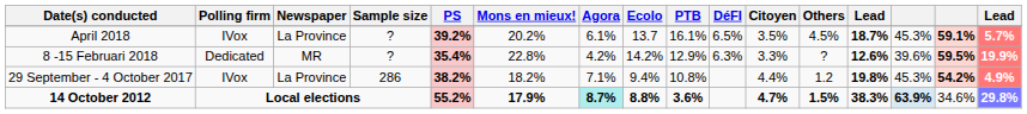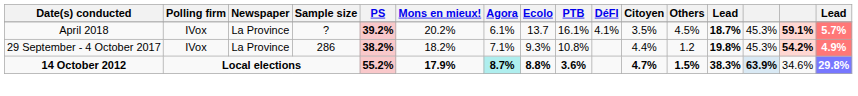 <table class="wikitable sortable" style="text-align:center; font-size:90%; line-height:16px;">
 <tr style="background-color:#E9E9E9">
 <th rowspan="1">Date(s) conducted</th>
 <th rowspan="1">Polling firm</th>
 <th rowspan="1">Newspaper</th>
 <th rowspan="1">Sample size</th>
 <th><a href='#'><span>PS</span></a></th>
 <th><a href='#'><span>Mons en mieux!</span></a></th>
 <th><a href='#'><span>Agora</span></a></th>
 <th><a href='#'><span>Ecolo</span></a></th>
 <th><a href='#'><span>PTB</span></a></th>
 <th><a href='#'><span>DéFI</span></a></th>
 <th rowspan="1">Citoyen</th>
 <th rowspan="1">Others</th>
 <th rowspan="1">Lead</th>
 <th></th>
 <th></th>
 <th rowspan="1">Lead</th>
 </tr>
 <tr style="background:#EFEFEF; font-weight:bold;">
 </tr>
 <tr>
 <td>April 2018</td>
 <td>IVox</td>
 <td>La Province </td>
 <td>?</td>
 <td style="background:#F9C8CA"><strong>39.2%</strong></td>
 <td>20.2%</td>
 <td>6.1%</td>
 <td>13.7</td>
 <td>16.1%</td>
-<td>6.5%</td>
+<td>4.1%</td>
 <td>3.5%</td>
 <td>4.5%</td>
 <td style="background:"><strong>18.7%</strong></td>
 <td>45.3%</td>
 <td style="background:#FFD7D2"><strong>59.1%</strong></td>
 <td style="background:#FF7777;color:white;"><strong>5.7%</strong></td>
-</tr>
-<tr>
-<td>8 -15 Februari 2018</td>
-<td>Dedicated</td>
-<td>MR </td>
-<td>?</td>
-<td style="background:#F9C8CA"><strong>35.4%</strong></td>
-<td>22.8%</td>
-<td>4.2%</td>
-<td>14.2%</td>
-<td>12.9%</td>
-<td>6.3%</td>
-<td>3.3%</td>
-<td>?</td>
-<td style="background:"><strong>12.6%</strong></td>
-<td>39.6%</td>
-<td style="background:#FFD7D2"><strong>59.5%</strong></td>
-<td style="background:#FF7777;color:white;"><strong>19.9%</strong></td>
 </tr>
 <tr>
 <td>29 September - 4 October 2017</td>
 <td>IVox</td>
 <td>La Province </td>
 <td>286</td>
 <td style="background:#F9C8CA"><strong>38.2%</strong></td>
 <td>18.2%</td>
 <td>7.1%</td>
-<td>9.4%</td>
+<td>9.3%</td>
 <td>10.8%</td>
 <td></td>
 <td>4.4%</td>
 <td>1.2</td>
 <td style="background:"><strong>19.8%</strong></td>
 <td>45.3%</td>
 <td style="background:#FFD7D2"><strong>54.2%</strong></td>
 <td style="background:#FF7777;color:white;"><strong>4.9%</strong></td>
 </tr>
 <tr>
 <td><strong>14 October 2012</strong></td>
 <td colspan="3"><strong>Local elections</strong></td>
 <td style="background:#F9C8CA"><strong>55.2%</strong></td>
 <td><strong>17.9%</strong></td>
 <td style="background: paleturquoise;"><strong>8.7%</strong></td>
 <td><strong>8.8%</strong></td>
 <td><strong>3.6%</strong></td>
 <td></td>
 <td><strong>4.7%</strong></td>
 <td><strong>1.5%  </strong></td>
 <td style="background:"><strong>38.3%</strong></td>
 <td style="background:#D9E9F4"><strong>63.9%</strong></td>
 <td>34.6%</td>
 <td style="background:#7777FF;color:white;"><strong>29.8%</strong></td>
 </tr>
 </table>
